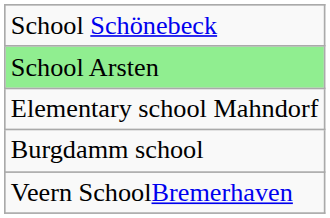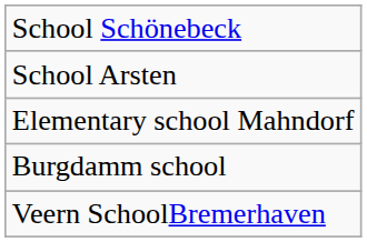 <table class="wikitable sortable float-right" style="clear:right;">
 <tr>
 <td>School <a href='#'>Schönebeck</a></td>
 </tr>
 <tr>
-<td style="background: lightgreen;">School Arsten</td>
+<td>School Arsten</td>
 </tr>
 <tr>
 <td>Elementary school Mahndorf</td>
 </tr>
 <tr>
 <td>Burgdamm school</td>
 </tr>
 <tr>
 <td>Veern School<a href='#'>Bremerhaven</a></td>
 </tr>
 </table>
